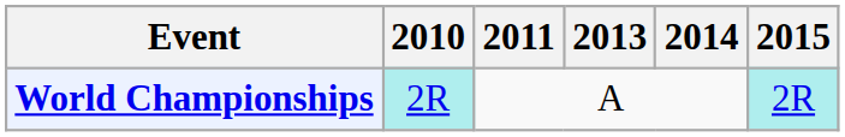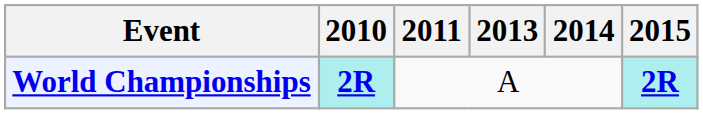 <table class="wikitable" style="font-size: 90%; text-align:center">
 <tr>
 <th>Event</th>
 <th>2010</th>
 <th>2011</th>
 <th>2013</th>
 <th>2014</th>
 <th>2015</th>
 </tr>
 <tr>
 <td bgcolor="#ECF2FF"; align="left"><strong><a href='#'>World Championships</a></strong></td>
-<td bgcolor=AFEEEE><a href='#'>2R</a></td>
+<td bgcolor=AFEEEE><strong><a href='#'>2R</a></strong></td>
 <td colspan="3">A</td>
-<td bgcolor=AFEEEE><a href='#'>2R</a></td>
+<td bgcolor=AFEEEE><strong><a href='#'>2R</a></strong></td>
 </tr>
 </table>
